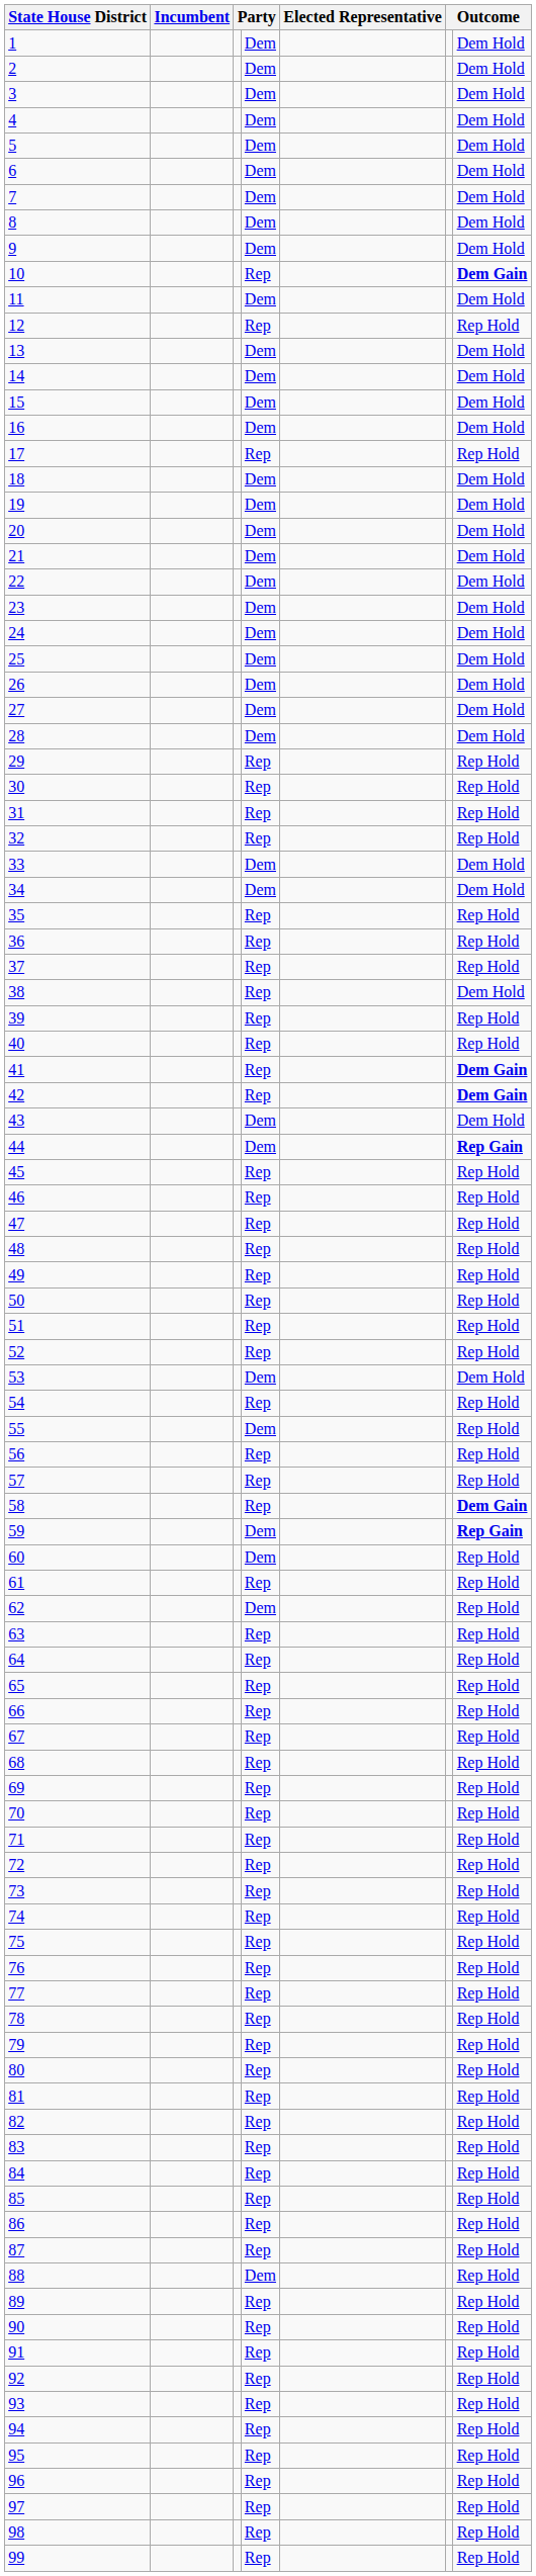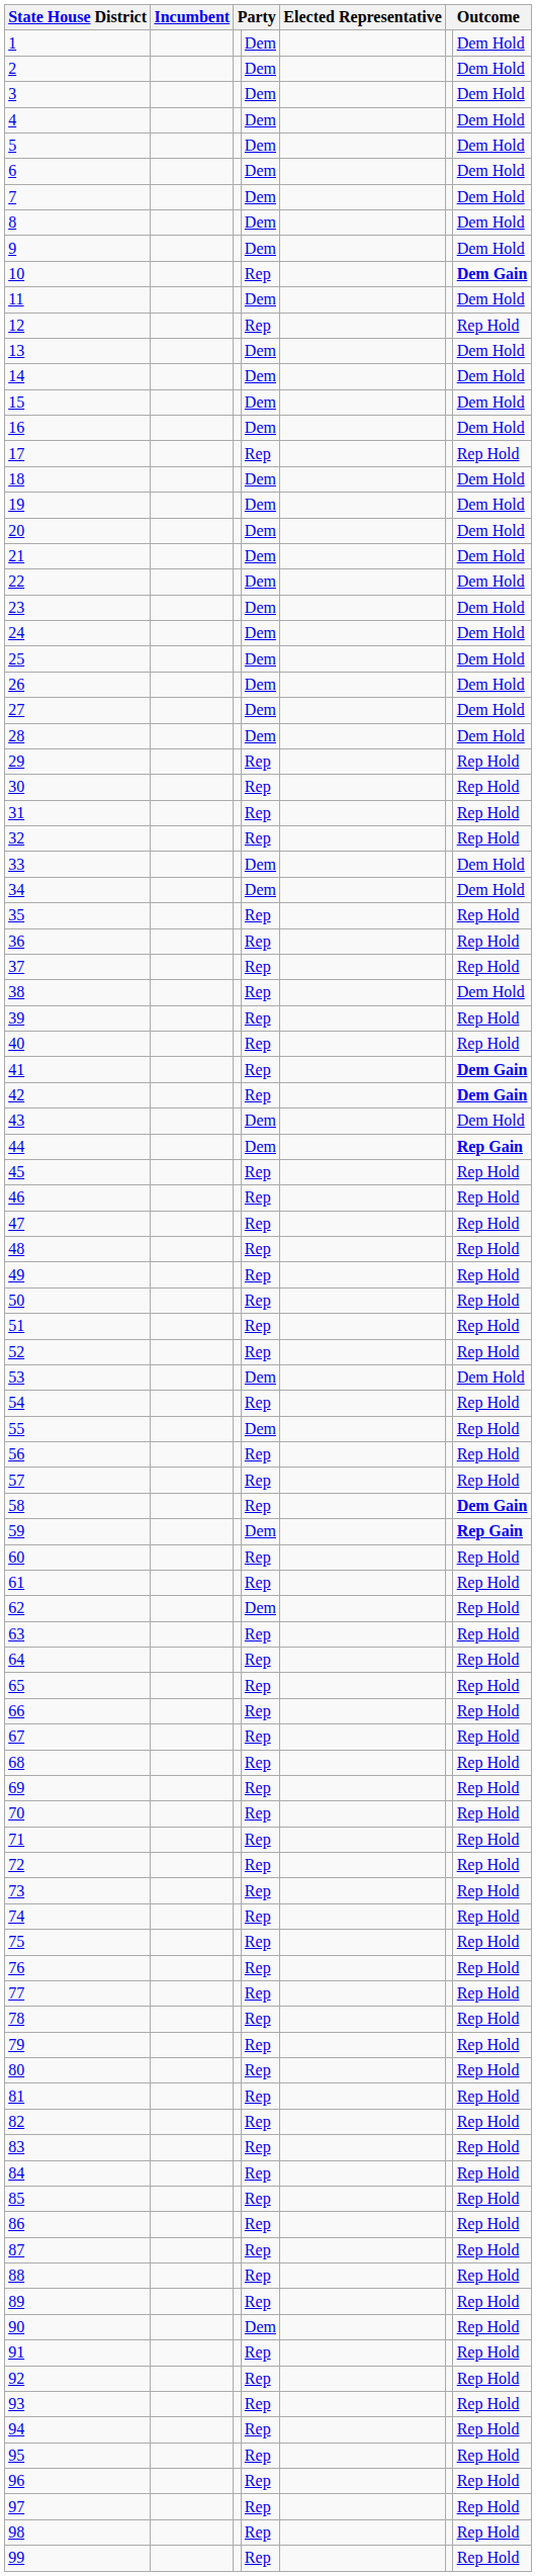 <table class="wikitable sortable">
 <tr>
 <th><a href='#'>State House</a> District</th>
 <th><a href='#'>Incumbent</a></th>
 <th colspan="2">Party</th>
 <th>Elected Representative</th>
 <th colspan="2">Outcome</th>
 </tr>
 <tr>
 <td><a href='#'>1</a></td>
 <td></td>
 <td style="background:"></td>
 <td><a href='#'>Dem</a></td>
 <td></td>
 <td style="background:"></td>
 <td><a href='#'>Dem Hold</a></td>
 </tr>
 <tr>
 <td><a href='#'>2</a></td>
 <td></td>
 <td style="background:"></td>
 <td><a href='#'>Dem</a></td>
 <td></td>
 <td style="background:"></td>
 <td><a href='#'>Dem Hold</a></td>
 </tr>
 <tr>
 <td><a href='#'>3</a></td>
 <td></td>
 <td style="background:"></td>
 <td><a href='#'>Dem</a></td>
 <td></td>
 <td style="background:"></td>
 <td><a href='#'>Dem Hold</a></td>
 </tr>
 <tr>
 <td><a href='#'>4</a></td>
 <td></td>
 <td style="background:"></td>
 <td><a href='#'>Dem</a></td>
 <td></td>
 <td style="background:"></td>
 <td><a href='#'>Dem Hold</a></td>
 </tr>
 <tr>
 <td><a href='#'>5</a></td>
 <td></td>
 <td style="background:"></td>
 <td><a href='#'>Dem</a></td>
 <td><em></em></td>
 <td style="background:"></td>
 <td><a href='#'>Dem Hold</a></td>
 </tr>
 <tr>
 <td><a href='#'>6</a></td>
 <td></td>
 <td style="background:"></td>
 <td><a href='#'>Dem</a></td>
 <td><em></em></td>
 <td style="background:"></td>
 <td><a href='#'>Dem Hold</a></td>
 </tr>
 <tr>
 <td><a href='#'>7</a></td>
 <td></td>
 <td style="background:"></td>
 <td><a href='#'>Dem</a></td>
 <td></td>
 <td style="background:"></td>
 <td><a href='#'>Dem Hold</a></td>
 </tr>
 <tr>
 <td><a href='#'>8</a></td>
 <td></td>
 <td style="background:"></td>
 <td><a href='#'>Dem</a></td>
 <td><em></em></td>
 <td style="background:"></td>
 <td><a href='#'>Dem Hold</a></td>
 </tr>
 <tr>
 <td><a href='#'>9</a></td>
 <td></td>
 <td style="background:"></td>
 <td><a href='#'>Dem</a></td>
 <td></td>
 <td style="background:"></td>
 <td><a href='#'>Dem Hold</a></td>
 </tr>
 <tr>
 <td><a href='#'>10</a></td>
 <td></td>
 <td style="background:"></td>
 <td><a href='#'>Rep</a></td>
 <td><strong></strong></td>
 <td style="background:"></td>
 <td><strong><a href='#'>Dem Gain</a></strong></td>
 </tr>
 <tr>
 <td><a href='#'>11</a></td>
 <td></td>
 <td style="background:"></td>
 <td><a href='#'>Dem</a></td>
 <td><em></em></td>
 <td style="background:"></td>
 <td><a href='#'>Dem Hold</a></td>
 </tr>
 <tr>
 <td><a href='#'>12</a></td>
 <td></td>
 <td style="background:"></td>
 <td><a href='#'>Rep</a></td>
 <td></td>
 <td style="background:"></td>
 <td><a href='#'>Rep Hold</a></td>
 </tr>
 <tr>
 <td><a href='#'>13</a></td>
 <td></td>
 <td style="background:"></td>
 <td><a href='#'>Dem</a></td>
 <td><em></em></td>
 <td style="background:"></td>
 <td><a href='#'>Dem Hold</a></td>
 </tr>
 <tr>
 <td><a href='#'>14</a></td>
 <td></td>
 <td style="background:"></td>
 <td><a href='#'>Dem</a></td>
 <td></td>
 <td style="background:"></td>
 <td><a href='#'>Dem Hold</a></td>
 </tr>
 <tr>
 <td><a href='#'>15</a></td>
 <td></td>
 <td style="background:"></td>
 <td><a href='#'>Dem</a></td>
 <td><em></em></td>
 <td style="background:"></td>
 <td><a href='#'>Dem Hold</a></td>
 </tr>
 <tr>
 <td><a href='#'>16</a></td>
 <td></td>
 <td style="background:"></td>
 <td><a href='#'>Dem</a></td>
 <td></td>
 <td style="background:"></td>
 <td><a href='#'>Dem Hold</a></td>
 </tr>
 <tr>
 <td><a href='#'>17</a></td>
 <td></td>
 <td style="background:"></td>
 <td><a href='#'>Rep</a></td>
 <td><em></em></td>
 <td style="background:"></td>
 <td><a href='#'>Rep Hold</a></td>
 </tr>
 <tr>
 <td><a href='#'>18</a></td>
 <td></td>
 <td style="background:"></td>
 <td><a href='#'>Dem</a></td>
 <td><em></em></td>
 <td style="background:"></td>
 <td><a href='#'>Dem Hold</a></td>
 </tr>
 <tr>
 <td><a href='#'>19</a></td>
 <td></td>
 <td style="background:"></td>
 <td><a href='#'>Dem</a></td>
 <td></td>
 <td style="background:"></td>
 <td><a href='#'>Dem Hold</a></td>
 </tr>
 <tr>
 <td><a href='#'>20</a></td>
 <td></td>
 <td style="background:"></td>
 <td><a href='#'>Dem</a></td>
 <td></td>
 <td style="background:"></td>
 <td><a href='#'>Dem Hold</a></td>
 </tr>
 <tr>
 <td><a href='#'>21</a></td>
 <td></td>
 <td style="background:"></td>
 <td><a href='#'>Dem</a></td>
 <td><em></em></td>
 <td style="background:"></td>
 <td><a href='#'>Dem Hold</a></td>
 </tr>
 <tr>
 <td><a href='#'>22</a></td>
 <td></td>
 <td style="background:"></td>
 <td><a href='#'>Dem</a></td>
 <td><em></em></td>
 <td style="background:"></td>
 <td><a href='#'>Dem Hold</a></td>
 </tr>
 <tr>
 <td><a href='#'>23</a></td>
 <td></td>
 <td style="background:"></td>
 <td><a href='#'>Dem</a></td>
 <td></td>
 <td style="background:"></td>
 <td><a href='#'>Dem Hold</a></td>
 </tr>
 <tr>
 <td><a href='#'>24</a></td>
 <td></td>
 <td style="background:"></td>
 <td><a href='#'>Dem</a></td>
 <td></td>
 <td style="background:"></td>
 <td><a href='#'>Dem Hold</a></td>
 </tr>
 <tr>
 <td><a href='#'>25</a></td>
 <td></td>
 <td style="background:"></td>
 <td><a href='#'>Dem</a></td>
 <td></td>
 <td style="background:"></td>
 <td><a href='#'>Dem Hold</a></td>
 </tr>
 <tr>
 <td><a href='#'>26</a></td>
 <td></td>
 <td style="background:"></td>
 <td><a href='#'>Dem</a></td>
 <td></td>
 <td style="background:"></td>
 <td><a href='#'>Dem Hold</a></td>
 </tr>
 <tr>
 <td><a href='#'>27</a></td>
 <td></td>
 <td style="background:"></td>
 <td><a href='#'>Dem</a></td>
 <td></td>
 <td style="background:"></td>
 <td><a href='#'>Dem Hold</a></td>
 </tr>
 <tr>
 <td><a href='#'>28</a></td>
 <td></td>
 <td style="background:"></td>
 <td><a href='#'>Dem</a></td>
 <td><em></em></td>
 <td style="background:"></td>
 <td><a href='#'>Dem Hold</a></td>
 </tr>
 <tr>
 <td><a href='#'>29</a></td>
 <td></td>
 <td style="background:"></td>
 <td><a href='#'>Rep</a></td>
 <td></td>
 <td style="background:"></td>
 <td><a href='#'>Rep Hold</a></td>
 </tr>
 <tr>
 <td><a href='#'>30</a></td>
 <td></td>
 <td style="background:"></td>
 <td><a href='#'>Rep</a></td>
 <td><em></em></td>
 <td style="background:"></td>
 <td><a href='#'>Rep Hold</a></td>
 </tr>
 <tr>
 <td><a href='#'>31</a></td>
 <td></td>
 <td style="background:"></td>
 <td><a href='#'>Rep</a></td>
 <td></td>
 <td style="background:"></td>
 <td><a href='#'>Rep Hold</a></td>
 </tr>
 <tr>
 <td><a href='#'>32</a></td>
 <td></td>
 <td style="background:"></td>
 <td><a href='#'>Rep</a></td>
 <td></td>
 <td style="background:"></td>
 <td><a href='#'>Rep Hold</a></td>
 </tr>
 <tr>
 <td><a href='#'>33</a></td>
 <td></td>
 <td style="background:"></td>
 <td><a href='#'>Dem</a></td>
 <td></td>
 <td style="background:"></td>
 <td><a href='#'>Dem Hold</a></td>
 </tr>
 <tr>
 <td><a href='#'>34</a></td>
 <td></td>
 <td style="background:"></td>
 <td><a href='#'>Dem</a></td>
 <td><em></em></td>
 <td style="background:"></td>
 <td><a href='#'>Dem Hold</a></td>
 </tr>
 <tr>
 <td><a href='#'>35</a></td>
 <td></td>
 <td style="background:"></td>
 <td><a href='#'>Rep</a></td>
 <td></td>
 <td style="background:"></td>
 <td><a href='#'>Rep Hold</a></td>
 </tr>
 <tr>
 <td><a href='#'>36</a></td>
 <td></td>
 <td style="background:"></td>
 <td><a href='#'>Rep</a></td>
 <td></td>
 <td style="background:"></td>
 <td><a href='#'>Rep Hold</a></td>
 </tr>
 <tr>
 <td><a href='#'>37</a></td>
 <td></td>
 <td style="background:"></td>
 <td><a href='#'>Rep</a></td>
 <td></td>
 <td style="background:"></td>
 <td><a href='#'>Rep Hold</a></td>
 </tr>
 <tr>
 <td><a href='#'>38</a></td>
 <td></td>
 <td style="background:"></td>
 <td><a href='#'>Rep</a></td>
 <td><em></em></td>
 <td style="background:"></td>
 <td><a href='#'>Dem Hold</a></td>
 </tr>
 <tr>
 <td><a href='#'>39</a></td>
 <td></td>
 <td style="background:"></td>
 <td><a href='#'>Rep</a></td>
 <td></td>
 <td style="background:"></td>
 <td><a href='#'>Rep Hold</a></td>
 </tr>
 <tr>
 <td><a href='#'>40</a></td>
 <td></td>
 <td style="background:"></td>
 <td><a href='#'>Rep</a></td>
 <td></td>
 <td style="background:"></td>
 <td><a href='#'>Rep Hold</a></td>
 </tr>
 <tr>
 <td><a href='#'>41</a></td>
 <td></td>
 <td style="background:"></td>
 <td><a href='#'>Rep</a></td>
 <td><strong></strong></td>
 <td style="background:"></td>
 <td><strong><a href='#'>Dem Gain</a></strong></td>
 </tr>
 <tr>
 <td><a href='#'>42</a></td>
 <td></td>
 <td style="background:"></td>
 <td><a href='#'>Rep</a></td>
 <td><strong></strong></td>
 <td style="background:"></td>
 <td><strong><a href='#'>Dem Gain</a></strong></td>
 </tr>
 <tr>
 <td><a href='#'>43</a></td>
 <td></td>
 <td style="background:"></td>
 <td><a href='#'>Dem</a></td>
 <td></td>
 <td style="background:"></td>
 <td><a href='#'>Dem Hold</a></td>
 </tr>
 <tr>
 <td><a href='#'>44</a></td>
 <td></td>
 <td style="background:"></td>
 <td><a href='#'>Dem</a></td>
 <td><strong></strong></td>
 <td style="background:"></td>
 <td><strong><a href='#'>Rep Gain</a></strong></td>
 </tr>
 <tr>
 <td><a href='#'>45</a></td>
 <td></td>
 <td style="background:"></td>
 <td><a href='#'>Rep</a></td>
 <td></td>
 <td style="background:"></td>
 <td><a href='#'>Rep Hold</a></td>
 </tr>
 <tr>
 <td><a href='#'>46</a></td>
 <td></td>
 <td style="background:"></td>
 <td><a href='#'>Rep</a></td>
 <td></td>
 <td style="background:"></td>
 <td><a href='#'>Rep Hold</a></td>
 </tr>
 <tr>
 <td><a href='#'>47</a></td>
 <td></td>
 <td style="background:"></td>
 <td><a href='#'>Rep</a></td>
 <td><em></em></td>
 <td style="background:"></td>
 <td><a href='#'>Rep Hold</a></td>
 </tr>
 <tr>
 <td><a href='#'>48</a></td>
 <td></td>
 <td style="background:"></td>
 <td><a href='#'>Rep</a></td>
 <td></td>
 <td style="background:"></td>
 <td><a href='#'>Rep Hold</a></td>
 </tr>
 <tr>
 <td><a href='#'>49</a></td>
 <td></td>
 <td style="background:"></td>
 <td><a href='#'>Rep</a></td>
 <td></td>
 <td style="background:"></td>
 <td><a href='#'>Rep Hold</a></td>
 </tr>
 <tr>
 <td><a href='#'>50</a></td>
 <td></td>
 <td style="background:"></td>
 <td><a href='#'>Rep</a></td>
 <td><em></em></td>
 <td style="background:"></td>
 <td><a href='#'>Rep Hold</a></td>
 </tr>
 <tr>
 <td><a href='#'>51</a></td>
 <td></td>
 <td style="background:"></td>
 <td><a href='#'>Rep</a></td>
 <td><em></em></td>
 <td style="background:"></td>
 <td><a href='#'>Rep Hold</a></td>
 </tr>
 <tr>
 <td><a href='#'>52</a></td>
 <td></td>
 <td style="background:"></td>
 <td><a href='#'>Rep</a></td>
 <td></td>
 <td style="background:"></td>
 <td><a href='#'>Rep Hold</a></td>
 </tr>
 <tr>
 <td><a href='#'>53</a></td>
 <td></td>
 <td style="background:"></td>
 <td><a href='#'>Dem</a></td>
 <td></td>
 <td style="background:"></td>
 <td><a href='#'>Dem Hold</a></td>
 </tr>
 <tr>
 <td><a href='#'>54</a></td>
 <td></td>
 <td style="background:"></td>
 <td><a href='#'>Rep</a></td>
 <td><em></em></td>
 <td style="background:"></td>
 <td><a href='#'>Rep Hold</a></td>
 </tr>
 <tr>
 <td><a href='#'>55</a></td>
 <td></td>
 <td style="background:"></td>
 <td><a href='#'>Dem</a></td>
 <td><em></em></td>
 <td style="background:"></td>
 <td><a href='#'>Rep Hold</a></td>
 </tr>
 <tr>
 <td><a href='#'>56</a></td>
 <td></td>
 <td style="background:"></td>
 <td><a href='#'>Rep</a></td>
 <td></td>
 <td style="background:"></td>
 <td><a href='#'>Rep Hold</a></td>
 </tr>
 <tr>
 <td><a href='#'>57</a></td>
 <td></td>
 <td style="background:"></td>
 <td><a href='#'>Rep</a></td>
 <td></td>
 <td style="background:"></td>
 <td><a href='#'>Rep Hold</a></td>
 </tr>
 <tr>
 <td><a href='#'>58</a></td>
 <td></td>
 <td style="background:"></td>
 <td><a href='#'>Rep</a></td>
 <td><strong></strong></td>
 <td style="background:"></td>
 <td><strong><a href='#'>Dem Gain</a></strong></td>
 </tr>
 <tr>
 <td><a href='#'>59</a></td>
 <td></td>
 <td style="background:"></td>
 <td><a href='#'>Dem</a></td>
 <td><strong></strong></td>
 <td style="background:"></td>
 <td><strong><a href='#'>Rep Gain</a></strong></td>
 </tr>
 <tr>
 <td><a href='#'>60</a></td>
 <td></td>
 <td style="background:"></td>
-<td><a href='#'>Dem</a></td>
+<td><a href='#'>Rep</a></td>
 <td></td>
 <td style="background:"></td>
 <td><a href='#'>Rep Hold</a></td>
 </tr>
 <tr>
 <td><a href='#'>61</a></td>
 <td></td>
 <td style="background:"></td>
 <td><a href='#'>Rep</a></td>
 <td></td>
 <td style="background:"></td>
 <td><a href='#'>Rep Hold</a></td>
 </tr>
 <tr>
 <td><a href='#'>62</a></td>
 <td></td>
 <td style="background:"></td>
 <td><a href='#'>Dem</a></td>
 <td></td>
 <td style="background:"></td>
 <td><a href='#'>Rep Hold</a></td>
 </tr>
 <tr>
 <td><a href='#'>63</a></td>
 <td></td>
 <td style="background:"></td>
 <td><a href='#'>Rep</a></td>
 <td></td>
 <td style="background:"></td>
 <td><a href='#'>Rep Hold</a></td>
 </tr>
 <tr>
 <td><a href='#'>64</a></td>
 <td></td>
 <td style="background:"></td>
 <td><a href='#'>Rep</a></td>
 <td></td>
 <td style="background:"></td>
 <td><a href='#'>Rep Hold</a></td>
 </tr>
 <tr>
 <td><a href='#'>65</a></td>
 <td></td>
 <td style="background:"></td>
 <td><a href='#'>Rep</a></td>
 <td><em></em></td>
 <td style="background:"></td>
 <td><a href='#'>Rep Hold</a></td>
 </tr>
 <tr>
 <td><a href='#'>66</a></td>
 <td></td>
 <td style="background:"></td>
 <td><a href='#'>Rep</a></td>
 <td></td>
 <td style="background:"></td>
 <td><a href='#'>Rep Hold</a></td>
 </tr>
 <tr>
 <td><a href='#'>67</a></td>
 <td></td>
 <td style="background:"></td>
 <td><a href='#'>Rep</a></td>
 <td></td>
 <td style="background:"></td>
 <td><a href='#'>Rep Hold</a></td>
 </tr>
 <tr>
 <td><a href='#'>68</a></td>
 <td></td>
 <td style="background:"></td>
 <td><a href='#'>Rep</a></td>
 <td></td>
 <td style="background:"></td>
 <td><a href='#'>Rep Hold</a></td>
 </tr>
 <tr>
 <td><a href='#'>69</a></td>
 <td></td>
 <td style="background:"></td>
 <td><a href='#'>Rep</a></td>
 <td></td>
 <td style="background:"></td>
 <td><a href='#'>Rep Hold</a></td>
 </tr>
 <tr>
 <td><a href='#'>70</a></td>
 <td></td>
 <td style="background:"></td>
 <td><a href='#'>Rep</a></td>
 <td></td>
 <td style="background:"></td>
 <td><a href='#'>Rep Hold</a></td>
 </tr>
 <tr>
 <td><a href='#'>71</a></td>
 <td></td>
 <td style="background:"></td>
 <td><a href='#'>Rep</a></td>
 <td><em></em></td>
 <td style="background:"></td>
 <td><a href='#'>Rep Hold</a></td>
 </tr>
 <tr>
 <td><a href='#'>72</a></td>
 <td></td>
 <td style="background:"></td>
 <td><a href='#'>Rep</a></td>
 <td><em></em></td>
 <td style="background:"></td>
 <td><a href='#'>Rep Hold</a></td>
 </tr>
 <tr>
 <td><a href='#'>73</a></td>
 <td></td>
 <td style="background:"></td>
 <td><a href='#'>Rep</a></td>
 <td></td>
 <td style="background:"></td>
 <td><a href='#'>Rep Hold</a></td>
 </tr>
 <tr>
 <td><a href='#'>74</a></td>
 <td></td>
 <td style="background:"></td>
 <td><a href='#'>Rep</a></td>
 <td></td>
 <td style="background:"></td>
 <td><a href='#'>Rep Hold</a></td>
 </tr>
 <tr>
 <td><a href='#'>75</a></td>
 <td></td>
 <td style="background:"></td>
 <td><a href='#'>Rep</a></td>
 <td></td>
 <td style="background:"></td>
 <td><a href='#'>Rep Hold</a></td>
 </tr>
 <tr>
 <td><a href='#'>76</a></td>
 <td></td>
 <td style="background:"></td>
 <td><a href='#'>Rep</a></td>
 <td></td>
 <td style="background:"></td>
 <td><a href='#'>Rep Hold</a></td>
 </tr>
 <tr>
 <td><a href='#'>77</a></td>
 <td></td>
 <td style="background:"></td>
 <td><a href='#'>Rep</a></td>
 <td><em></em></td>
 <td style="background:"></td>
 <td><a href='#'>Rep Hold</a></td>
 </tr>
 <tr>
 <td><a href='#'>78</a></td>
 <td></td>
 <td style="background:"></td>
 <td><a href='#'>Rep</a></td>
 <td><em></em></td>
 <td style="background:"></td>
 <td><a href='#'>Rep Hold</a></td>
 </tr>
 <tr>
 <td><a href='#'>79</a></td>
 <td></td>
 <td style="background:"></td>
 <td><a href='#'>Rep</a></td>
 <td></td>
 <td style="background:"></td>
 <td><a href='#'>Rep Hold</a></td>
 </tr>
 <tr>
 <td><a href='#'>80</a></td>
 <td></td>
 <td style="background:"></td>
 <td><a href='#'>Rep</a></td>
 <td><em></em></td>
 <td style="background:"></td>
 <td><a href='#'>Rep Hold</a></td>
 </tr>
 <tr>
 <td><a href='#'>81</a></td>
 <td></td>
 <td style="background:"></td>
 <td><a href='#'>Rep</a></td>
 <td></td>
 <td style="background:"></td>
 <td><a href='#'>Rep Hold</a></td>
 </tr>
 <tr>
 <td><a href='#'>82</a></td>
 <td></td>
 <td style="background:"></td>
 <td><a href='#'>Rep</a></td>
 <td></td>
 <td style="background:"></td>
 <td><a href='#'>Rep Hold</a></td>
 </tr>
 <tr>
 <td><a href='#'>83</a></td>
 <td></td>
 <td style="background:"></td>
 <td><a href='#'>Rep</a></td>
 <td><em></em></td>
 <td style="background:"></td>
 <td><a href='#'>Rep Hold</a></td>
 </tr>
 <tr>
 <td><a href='#'>84</a></td>
 <td></td>
 <td style="background:"></td>
 <td><a href='#'>Rep</a></td>
 <td></td>
 <td style="background:"></td>
 <td><a href='#'>Rep Hold</a></td>
 </tr>
 <tr>
 <td><a href='#'>85</a></td>
 <td></td>
 <td style="background:"></td>
 <td><a href='#'>Rep</a></td>
 <td></td>
 <td style="background:"></td>
 <td><a href='#'>Rep Hold</a></td>
 </tr>
 <tr>
 <td><a href='#'>86</a></td>
 <td></td>
 <td style="background:"></td>
 <td><a href='#'>Rep</a></td>
 <td></td>
 <td style="background:"></td>
 <td><a href='#'>Rep Hold</a></td>
 </tr>
 <tr>
 <td><a href='#'>87</a></td>
 <td></td>
 <td style="background:"></td>
 <td><a href='#'>Rep</a></td>
 <td></td>
 <td style="background:"></td>
 <td><a href='#'>Rep Hold</a></td>
 </tr>
 <tr>
 <td><a href='#'>88</a></td>
 <td></td>
 <td style="background:"></td>
-<td><a href='#'>Dem</a></td>
+<td><a href='#'>Rep</a></td>
 <td></td>
 <td style="background:"></td>
 <td><a href='#'>Rep Hold</a></td>
 </tr>
 <tr>
 <td><a href='#'>89</a></td>
 <td></td>
 <td style="background:"></td>
 <td><a href='#'>Rep</a></td>
 <td></td>
 <td style="background:"></td>
 <td><a href='#'>Rep Hold</a></td>
 </tr>
 <tr>
 <td><a href='#'>90</a></td>
 <td></td>
 <td style="background:"></td>
-<td><a href='#'>Rep</a></td>
+<td><a href='#'>Dem</a></td>
 <td></td>
 <td style="background:"></td>
 <td><a href='#'>Rep Hold</a></td>
 </tr>
 <tr>
 <td><a href='#'>91</a></td>
 <td></td>
 <td style="background:"></td>
 <td><a href='#'>Rep</a></td>
 <td></td>
 <td style="background:"></td>
 <td><a href='#'>Rep Hold</a></td>
 </tr>
 <tr>
 <td><a href='#'>92</a></td>
 <td></td>
 <td style="background:"></td>
 <td><a href='#'>Rep</a></td>
 <td></td>
 <td style="background:"></td>
 <td><a href='#'>Rep Hold</a></td>
 </tr>
 <tr>
 <td><a href='#'>93</a></td>
 <td></td>
 <td style="background:"></td>
 <td><a href='#'>Rep</a></td>
 <td></td>
 <td style="background:"></td>
 <td><a href='#'>Rep Hold</a></td>
 </tr>
 <tr>
 <td><a href='#'>94</a></td>
 <td></td>
 <td style="background:"></td>
 <td><a href='#'>Rep</a></td>
 <td><em></em></td>
 <td style="background:"></td>
 <td><a href='#'>Rep Hold</a></td>
 </tr>
 <tr>
 <td><a href='#'>95</a></td>
 <td></td>
 <td style="background:"></td>
 <td><a href='#'>Rep</a></td>
 <td></td>
 <td style="background:"></td>
 <td><a href='#'>Rep Hold</a></td>
 </tr>
 <tr>
 <td><a href='#'>96</a></td>
 <td></td>
 <td style="background:"></td>
 <td><a href='#'>Rep</a></td>
 <td></td>
 <td style="background:"></td>
 <td><a href='#'>Rep Hold</a></td>
 </tr>
 <tr>
 <td><a href='#'>97</a></td>
 <td></td>
 <td style="background:"></td>
 <td><a href='#'>Rep</a></td>
 <td></td>
 <td style="background:"></td>
 <td><a href='#'>Rep Hold</a></td>
 </tr>
 <tr>
 <td><a href='#'>98</a></td>
 <td></td>
 <td style="background:"></td>
 <td><a href='#'>Rep</a></td>
 <td><em></em></td>
 <td style="background:"></td>
 <td><a href='#'>Rep Hold</a></td>
 </tr>
 <tr>
 <td><a href='#'>99</a></td>
 <td></td>
 <td style="background:"></td>
 <td><a href='#'>Rep</a></td>
 <td></td>
 <td style="background:"></td>
 <td><a href='#'>Rep Hold</a></td>
 </tr>
 <tr>
 </tr>
 </table>
